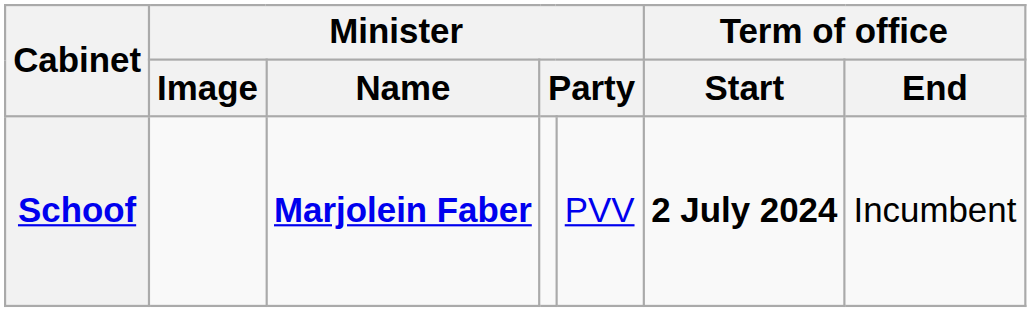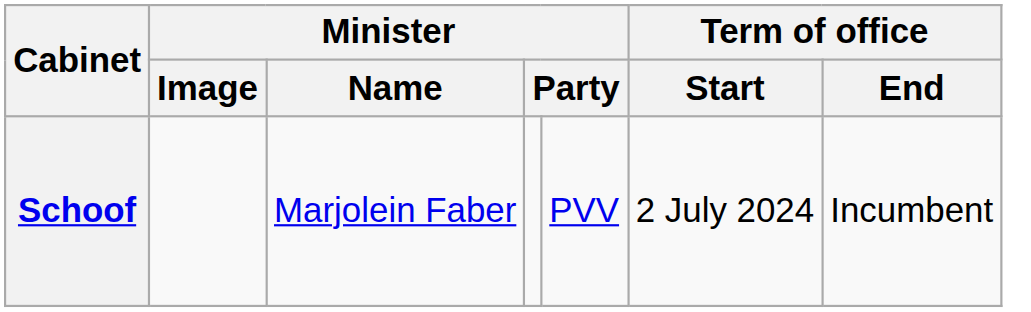 <table class="wikitable plainrowheaders">
 <tr>
 <th rowspan="2">Cabinet</th>
 <th colspan="4">Minister</th>
 <th colspan="2">Term of office</th>
 </tr>
 <tr>
 <th width="1px">Image</th>
 <th>Name</th>
 <th colspan="2">Party</th>
 <th>Start</th>
 <th>End</th>
 </tr>
 <tr>
 <th scope="row"><a href='#'>Schoof</a></th>
 <td height="80px"></td>
-<td><strong><a href='#'>Marjolein Faber</a></strong></td>
+<td><a href='#'>Marjolein Faber</a></td>
 <td style="background:"></td>
 <td style="text-align:center"><a href='#'>PVV</a></td>
-<td style="text-align:center"><strong>2 July 2024</strong></td>
+<td style="text-align:center">2 July 2024</td>
 <td style="text-align:center">Incumbent</td>
 </tr>
 </table>
